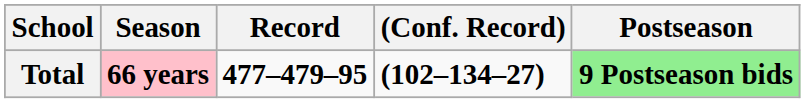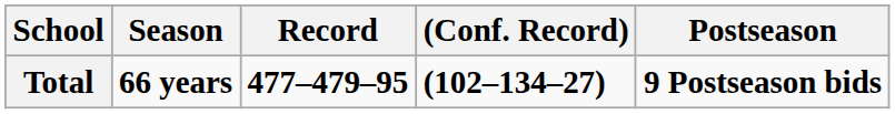 <table class="wikitable">
 <tr>
 <th>School</th>
 <th>Season</th>
 <th>Record</th>
 <th>(Conf. Record)</th>
 <th>Postseason</th>
 </tr>
 <tr>
 <th><strong>Total</strong></th>
-<td style="background: pink;"><strong>66 years</strong></td>
+<td><strong>66 years</strong></td>
 <td><strong>477–479–95</strong></td>
 <td><strong>(102–134–27)</strong></td>
-<td style="background: lightgreen;"><strong>9 Postseason bids</strong></td>
+<td><strong>9 Postseason bids</strong></td>
 </tr>
 </table>
